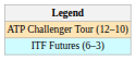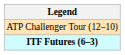 <table class="nowrap wikitable" style=text-align:center;font-size:96%>
 <tr>
 <th>Legend</th>
 </tr>
 <tr style="background:moccasin;">
 <td>ATP Challenger Tour (12–10)</td>
 </tr>
 <tr style="background:#cffcff;">
-<td>ITF Futures (6–3)</td>
+<td><strong>ITF Futures (6–3)</strong></td>
 </tr>
 </table>
